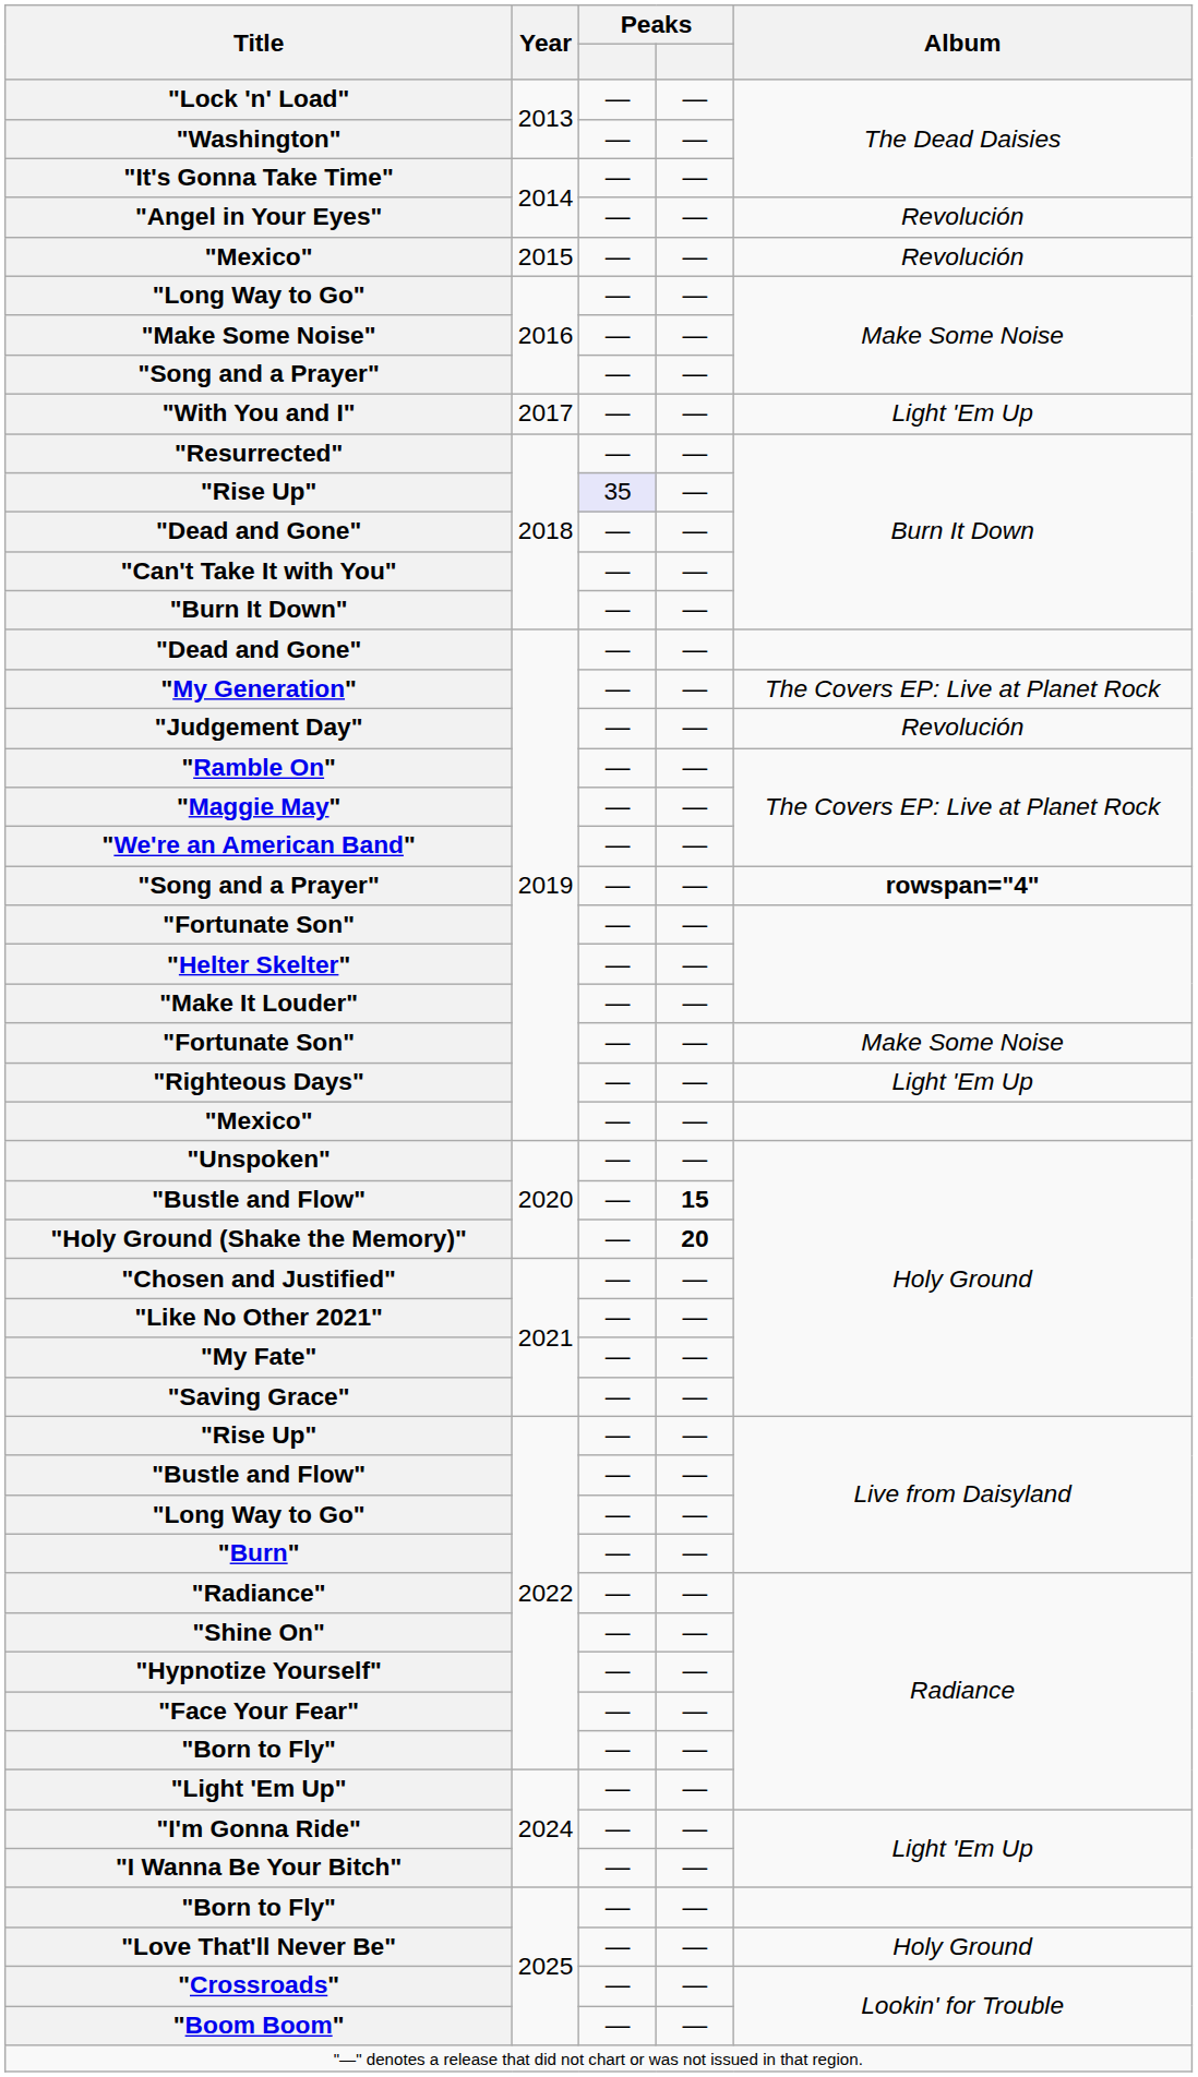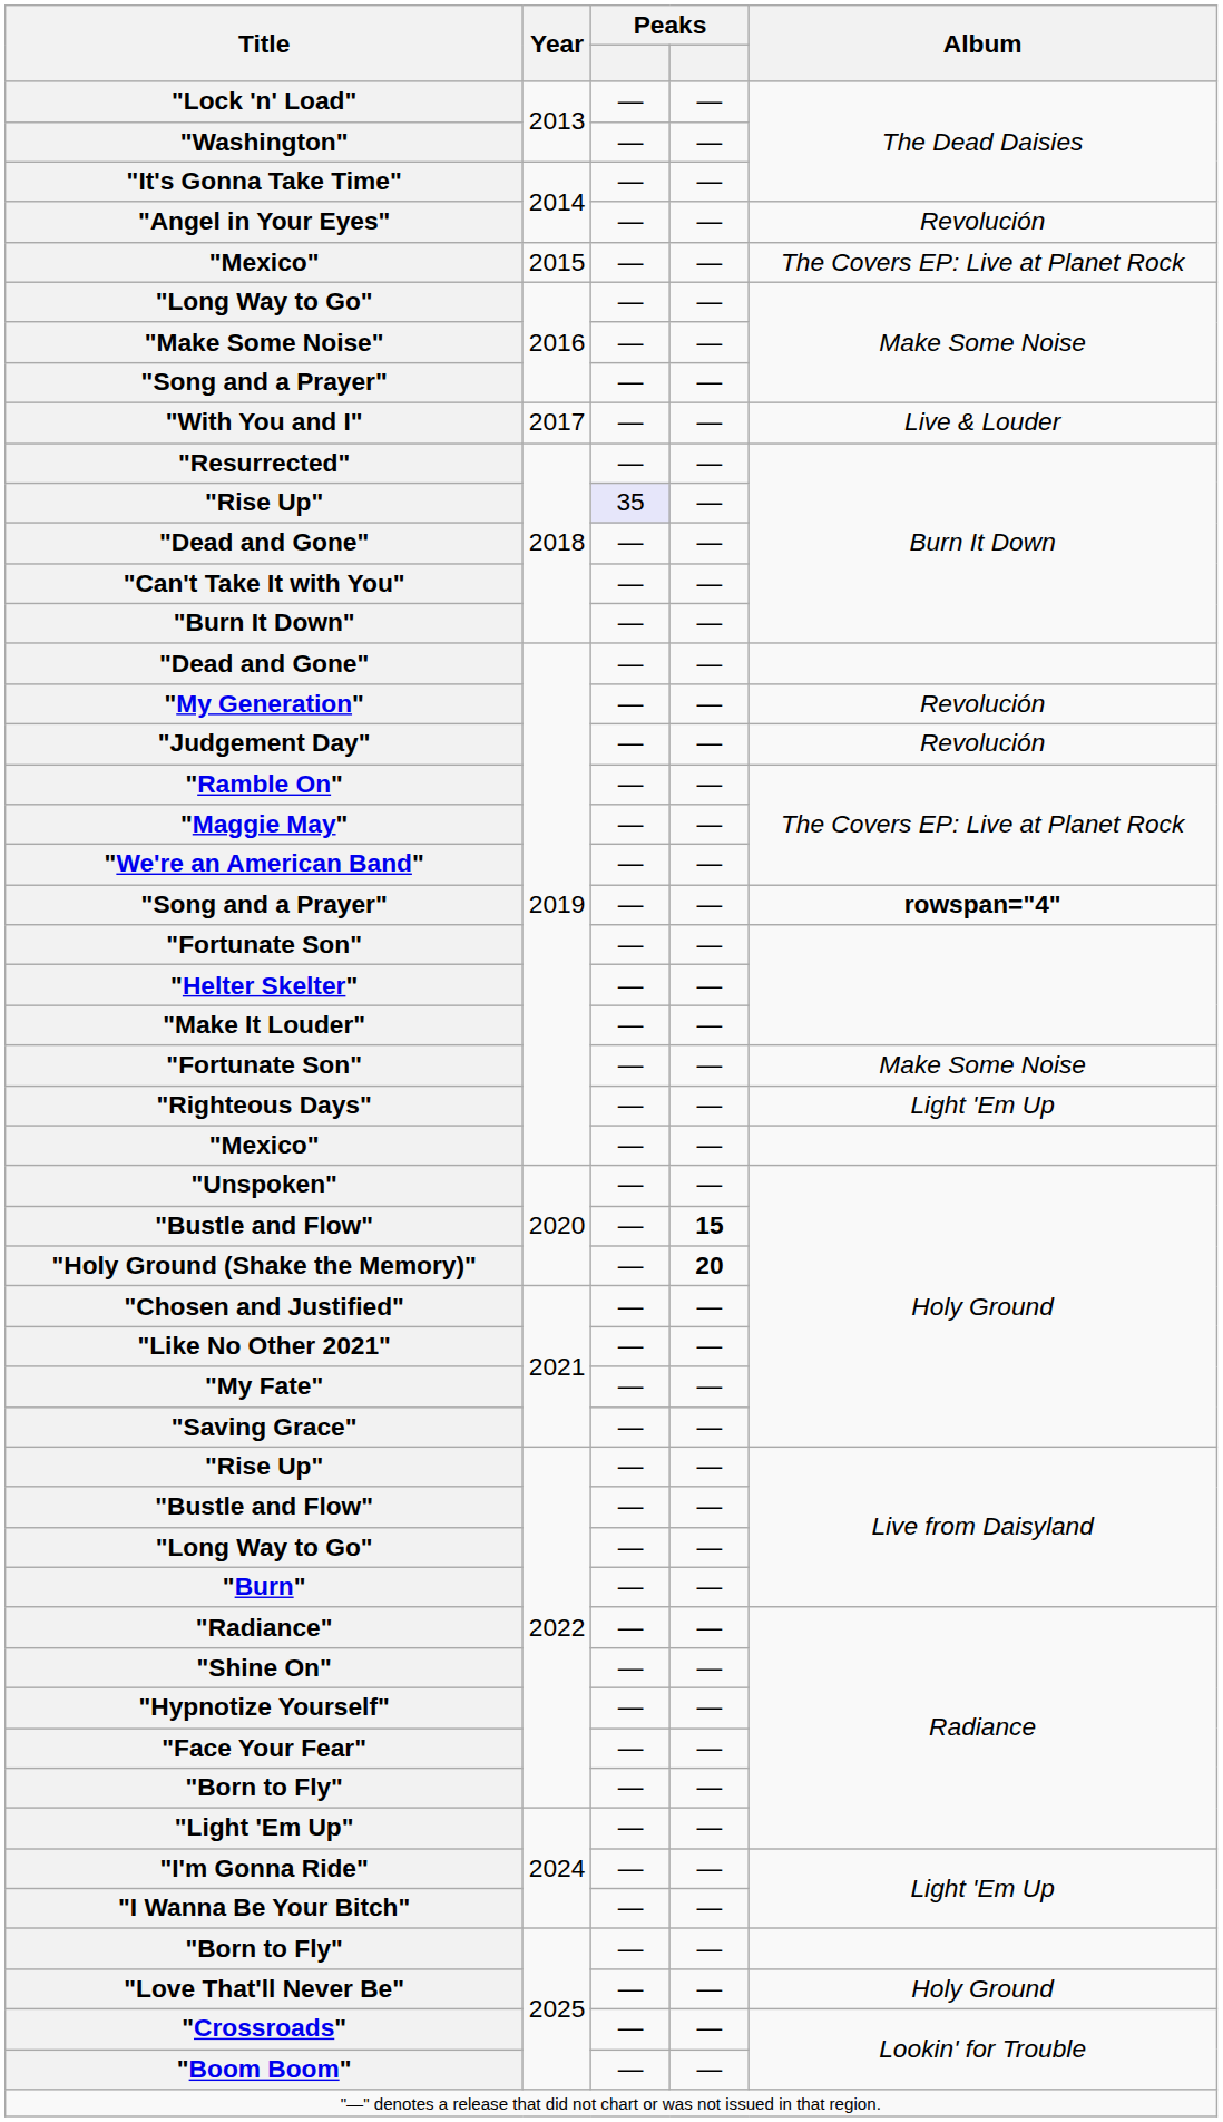 <table class="wikitable plainrowheaders" style="text-align:center;">
 <tr>
 <th scope="col" rowspan="2" style="width:20em;">Title</th>
 <th scope="col" rowspan="2">Year</th>
 <th scope="col" colspan="2">Peaks</th>
 <th scope="col" rowspan="2" style="width:18em;">Album</th>
 </tr>
 <tr>
 <th scope="col" style="width:3em;font-size:90%;"><br></th>
 <th scope="col" style="width:3em;font-size:90%;"><br></th>
 </tr>
 <tr>
 <th scope="row">"Lock 'n' Load"<br> </th>
 <td rowspan="2">2013</td>
 <td>—</td>
 <td>—</td>
 <td rowspan="3"><em>The Dead Daisies</em></td>
 </tr>
 <tr>
 <th scope="row">"Washington"</th>
 <td>—</td>
 <td>—</td>
 </tr>
 <tr>
 <th scope="row">"It's Gonna Take Time"</th>
 <td rowspan="2">2014</td>
 <td>—</td>
 <td>—</td>
 </tr>
 <tr>
 <th scope="row">"Angel in Your Eyes"</th>
 <td>—</td>
 <td>—</td>
 <td><em>Revolución</em></td>
 </tr>
 <tr>
 <th scope="row">"Mexico"</th>
 <td>2015</td>
 <td>—</td>
 <td>—</td>
-<td><em>Revolución</em></td>
+<td><em>The Covers EP: Live at Planet Rock</em></td>
 </tr>
 <tr>
 <th scope="row">"Long Way to Go"</th>
 <td rowspan="3">2016</td>
 <td>—</td>
 <td>—</td>
 <td rowspan="3"><em>Make Some Noise</em></td>
 </tr>
 <tr>
 <th scope="row">"Make Some Noise"</th>
 <td>—</td>
 <td>—</td>
 </tr>
 <tr>
 <th scope="row">"Song and a Prayer"</th>
 <td>—</td>
 <td>—</td>
 </tr>
 <tr>
 <th scope="row">"With You and I" </th>
 <td>2017</td>
 <td>—</td>
 <td>—</td>
-<td><em>Light 'Em Up</em></td>
+<td><em>Live & Louder</em></td>
 </tr>
 <tr>
 <th scope="row">"Resurrected"</th>
 <td rowspan="5">2018</td>
 <td>—</td>
 <td>—</td>
 <td rowspan="5"><em>Burn It Down</em></td>
 </tr>
 <tr>
 <th scope="row">"Rise Up"</th>
 <td style="background: lavender;">35</td>
 <td>—</td>
 </tr>
 <tr>
 <th scope="row">"Dead and Gone"</th>
 <td>—</td>
 <td>—</td>
 </tr>
 <tr>
 <th scope="row">"Can't Take It with You"</th>
 <td>—</td>
 <td>—</td>
 </tr>
 <tr>
 <th scope="row">"Burn It Down"</th>
 <td>—</td>
 <td>—</td>
 </tr>
 <tr>
 <th scope="row">"Dead and Gone" </th>
 <td rowspan="13">2019</td>
 <td>—</td>
 <td>—</td>
 <td></td>
 </tr>
 <tr>
 <th scope="row">"<a href='#'>My Generation</a>" </th>
 <td>—</td>
 <td>—</td>
-<td><em>The Covers EP: Live at Planet Rock</em></td>
+<td><em>Revolución</em></td>
 </tr>
 <tr>
 <th scope="row">"Judgement Day"</th>
 <td>—</td>
 <td>—</td>
 <td><em>Revolución</em></td>
 </tr>
 <tr>
 <th scope="row">"<a href='#'>Ramble On</a>" </th>
 <td>—</td>
 <td>—</td>
 <td rowspan="3"><em>The Covers EP: Live at Planet Rock</em></td>
 </tr>
 <tr>
 <th scope="row">"<a href='#'>Maggie May</a>" </th>
 <td>—</td>
 <td>—</td>
 </tr>
 <tr>
 <th scope="row">"<a href='#'>We're an American Band</a>" </th>
 <td>—</td>
 <td>—</td>
 </tr>
 <tr>
 <th scope="row">"Song and a Prayer" </th>
 <td>—</td>
 <td>—</td>
 <td><strong>rowspan="4" </strong></td>
 </tr>
 <tr>
 <th scope="row">"Fortunate Son" </th>
 <td>—</td>
 <td>—</td>
 </tr>
 <tr>
 <th scope="row">"<a href='#'>Helter Skelter</a>" </th>
 <td>—</td>
 <td>—</td>
 </tr>
 <tr>
 <th scope="row">"Make It Louder" </th>
 <td>—</td>
 <td>—</td>
 </tr>
 <tr>
 <th scope="row">"Fortunate Son"</th>
 <td>—</td>
 <td>—</td>
 <td><em>Make Some Noise</em></td>
 </tr>
 <tr>
 <th scope="row">"Righteous Days"</th>
 <td>—</td>
 <td>—</td>
 <td><em>Light 'Em Up</em></td>
 </tr>
 <tr>
 <th scope="row">"Mexico" </th>
 <td>—</td>
 <td>—</td>
 <td></td>
 </tr>
 <tr>
 <th scope="row">"Unspoken"</th>
 <td rowspan="3">2020</td>
 <td>—</td>
 <td>—</td>
 <td rowspan="7"><em>Holy Ground</em></td>
 </tr>
 <tr>
 <th scope="row">"Bustle and Flow"</th>
 <td>—</td>
 <td><strong>15</strong></td>
 </tr>
 <tr>
 <th scope="row">"Holy Ground (Shake the Memory)"</th>
 <td>—</td>
 <td><strong>20</strong></td>
 </tr>
 <tr>
 <th scope="row">"Chosen and Justified"</th>
 <td rowspan="4">2021</td>
 <td>—</td>
 <td>—</td>
 </tr>
 <tr>
 <th scope="row">"Like No Other 2021"</th>
 <td>—</td>
 <td>—</td>
 </tr>
 <tr>
 <th scope="row">"My Fate"</th>
 <td>—</td>
 <td>—</td>
 </tr>
 <tr>
 <th scope="row">"Saving Grace"</th>
 <td>—</td>
 <td>—</td>
 </tr>
 <tr>
 <th scope="row">"Rise Up" </th>
 <td rowspan="9">2022</td>
 <td>—</td>
 <td>—</td>
 <td rowspan="4"><em>Live from Daisyland</em></td>
 </tr>
 <tr>
 <th scope="row">"Bustle and Flow" </th>
 <td>—</td>
 <td>—</td>
 </tr>
 <tr>
 <th scope="row">"Long Way to Go" </th>
 <td>—</td>
 <td>—</td>
 </tr>
 <tr>
 <th scope="row">"<a href='#'>Burn</a>" </th>
 <td>—</td>
 <td>—</td>
 </tr>
 <tr>
 <th scope="row">"Radiance"</th>
 <td>—</td>
 <td>—</td>
 <td rowspan="6"><em>Radiance</em></td>
 </tr>
 <tr>
 <th scope="row">"Shine On"</th>
 <td>—</td>
 <td>—</td>
 </tr>
 <tr>
 <th scope="row">"Hypnotize Yourself"</th>
 <td>—</td>
 <td>—</td>
 </tr>
 <tr>
 <th scope="row">"Face Your Fear"</th>
 <td>—</td>
 <td>—</td>
 </tr>
 <tr>
 <th scope="row">"Born to Fly"</th>
 <td>—</td>
 <td>—</td>
 </tr>
 <tr>
 <th scope="row">"Light 'Em Up"</th>
 <td rowspan="3">2024</td>
 <td>—</td>
 <td>—</td>
 </tr>
 <tr>
 <th scope="row">"I'm Gonna Ride"</th>
 <td>—</td>
 <td>—</td>
 <td rowspan="2"><em>Light 'Em Up</em></td>
 </tr>
 <tr>
 <th scope="row">"I Wanna Be Your Bitch"</th>
 <td>—</td>
 <td>—</td>
 </tr>
 <tr>
 <th scope="row">"Born to Fly" </th>
 <td rowspan="4">2025</td>
 <td>—</td>
 <td>—</td>
 <td></td>
 </tr>
 <tr>
 <th scope="row">"Love That'll Never Be"</th>
 <td>—</td>
 <td>—</td>
 <td><em>Holy Ground</em></td>
 </tr>
 <tr>
 <th scope="row">"<a href='#'>Crossroads</a>"</th>
 <td>—</td>
 <td>—</td>
 <td rowspan="2"><em>Lookin' for Trouble</em></td>
 </tr>
 <tr>
 <th scope="row">"<a href='#'>Boom Boom</a>"</th>
 <td>—</td>
 <td>—</td>
 </tr>
 <tr>
 <td align="center" colspan="6" style="font-size: 8pt">"—" denotes a release that did not chart or was not issued in that region.</td>
 </tr>
 </table>
